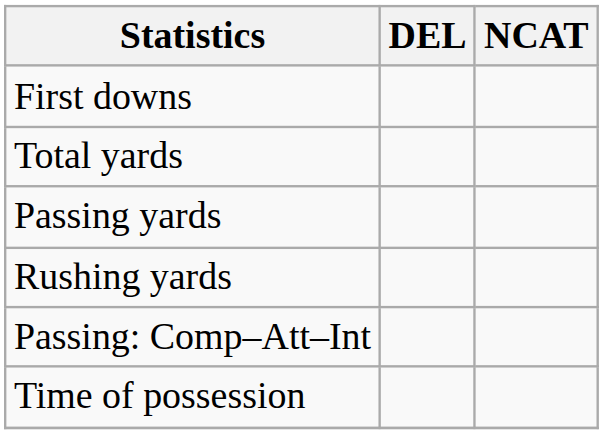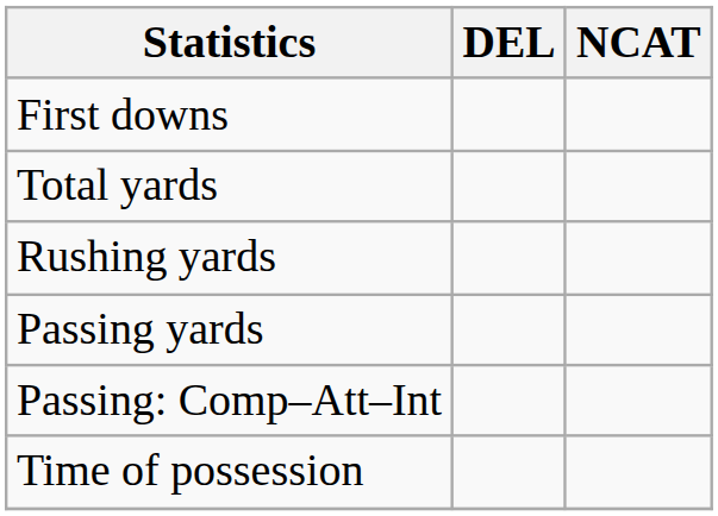 <table class="wikitable" style="float: left;">
 <tr>
 <th>Statistics</th>
 <th>DEL</th>
 <th>NCAT</th>
 </tr>
 <tr>
 <td>First downs</td>
 <td></td>
 <td></td>
 </tr>
 <tr>
 <td>Total yards</td>
 <td></td>
 <td></td>
 </tr>
 <tr>
-<td>Passing yards</td>
+<td>Rushing yards</td>
 <td></td>
 <td></td>
 </tr>
 <tr>
-<td>Rushing yards</td>
+<td>Passing yards</td>
 <td></td>
 <td></td>
 </tr>
 <tr>
 <td>Passing: Comp–Att–Int</td>
 <td></td>
 <td></td>
 </tr>
 <tr>
 <td>Time of possession</td>
 <td></td>
 <td></td>
 </tr>
 <tr>
 </tr>
 </table>
